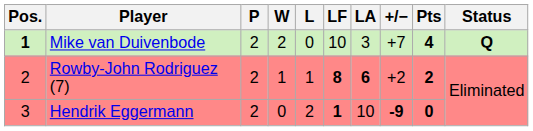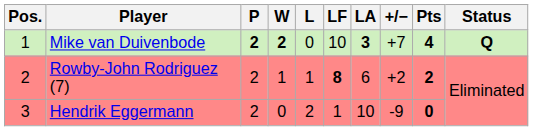 <table class="wikitable" style="text-align:center; margin: 1em auto 1em auto, align:left">
 <tr>
 <th width=20>Pos.</th>
 <th width=185>Player</th>
 <th width=20>P</th>
 <th width=20>W</th>
 <th width=20>L</th>
 <th width=20>LF</th>
 <th width=20>LA</th>
 <th width=25>+/−</th>
 <th width=20>Pts</th>
 <th width=70>Status</th>
 </tr>
 <tr style="background:#D0F0C0;">
-<td><strong>1</strong></td>
+<td>1</td>
 <td align=left> <a href='#'>Mike van Duivenbode</a></td>
-<td>2</td>
-<td>2</td>
+<td><strong>2</strong></td>
+<td><strong>2</strong></td>
 <td>0</td>
 <td>10</td>
-<td>3</td>
+<td><strong>3</strong></td>
 <td>+7</td>
 <td><strong>4</strong></td>
 <td rowspan=1><strong>Q</strong></td>
 </tr>
 <tr style="background:#FF8888;">
 <td>2</td>
 <td align=left> <a href='#'>Rowby-John Rodriguez</a> (7)</td>
 <td>2</td>
 <td>1</td>
 <td>1</td>
 <td><strong>8</strong></td>
-<td><strong>6</strong></td>
+<td>6</td>
 <td>+2</td>
 <td><strong>2</strong></td>
 <td rowspan=2>Eliminated</td>
 </tr>
 <tr style="background:#FF8888;">
 <td>3</td>
 <td align=left> <a href='#'>Hendrik Eggermann</a></td>
 <td>2</td>
 <td>0</td>
 <td>2</td>
-<td><strong>1</strong></td>
+<td>1</td>
 <td>10</td>
-<td><strong>-9</strong></td>
+<td>-9</td>
 <td><strong>0</strong></td>
 </tr>
 </table>
